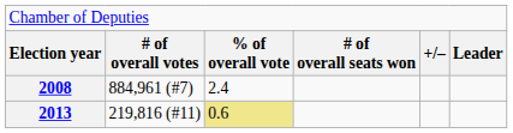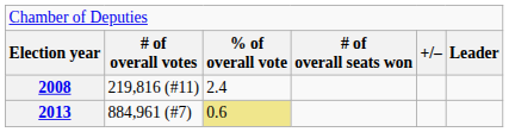 <table class=wikitable>
 <tr>
 <td colspan=7><a href='#'>Chamber of Deputies</a></td>
 </tr>
 <tr>
 <th>Election year</th>
 <th># of<br>overall votes</th>
 <th>% of<br>overall vote</th>
 <th># of<br>overall seats won</th>
 <th>+/–</th>
 <th>Leader</th>
 </tr>
 <tr>
 <th><a href='#'>2008</a></th>
-<td>884,961 (#7)</td>
+<td>219,816 (#11)</td>
 <td>2.4</td>
 <td></td>
 <td></td>
 <td></td>
 </tr>
 <tr>
 <th><a href='#'>2013</a></th>
-<td>219,816 (#11)</td>
+<td>884,961 (#7)</td>
 <td style="background: khaki;">0.6</td>
 <td></td>
 <td></td>
 <td></td>
 </tr>
 </table>
